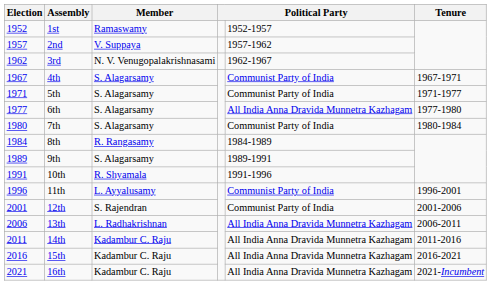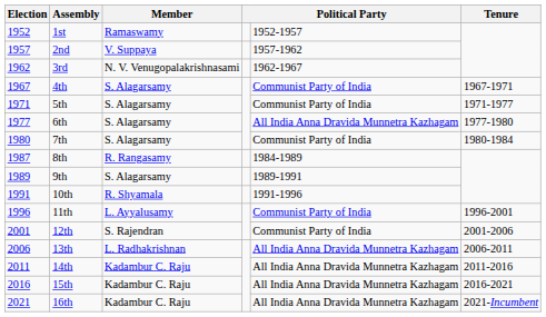 <table class="wikitable sortable">
 <tr>
 <th>Election</th>
 <th>Assembly</th>
 <th>Member</th>
 <th colspan="2">Political Party</th>
 <th>Tenure</th>
 </tr>
 <tr>
 <td><a href='#'>1952</a></td>
 <td><a href='#'>1st</a></td>
 <td><a href='#'>Ramaswamy</a></td>
 <td></td>
 <td>1952-1957</td>
 </tr>
 <tr>
 <td><a href='#'>1957</a></td>
 <td><a href='#'>2nd</a></td>
 <td><a href='#'>V. Suppaya</a></td>
 <td></td>
 <td>1957-1962</td>
 </tr>
 <tr>
 <td><a href='#'>1962</a></td>
 <td><a href='#'>3rd</a></td>
 <td>N. V. Venugopalakrishnasami</td>
 <td></td>
 <td>1962-1967</td>
 </tr>
 <tr>
 <td><a href='#'>1967</a></td>
 <td><a href='#'>4th</a></td>
 <td><a href='#'>S. Alagarsamy</a></td>
 <td rowspan="4" width=4px style="background-color: "></td>
 <td><a href='#'>Communist Party of India</a></td>
 <td>1967-1971</td>
 </tr>
 <tr>
 <td><a href='#'>1971</a></td>
 <td>5th</td>
 <td>S. Alagarsamy</td>
 <td>Communist Party of India</td>
 <td>1971-1977</td>
 </tr>
 <tr>
 <td><a href='#'>1977</a></td>
 <td>6th</td>
 <td>S. Alagarsamy</td>
 <td><a href='#'>All India Anna Dravida Munnetra Kazhagam</a></td>
 <td>1977-1980</td>
 </tr>
 <tr>
 <td><a href='#'>1980</a></td>
 <td>7th</td>
 <td>S. Alagarsamy</td>
 <td>Communist Party of India</td>
 <td>1980-1984</td>
 </tr>
 <tr>
-<td><a href='#'>1984</a></td>
+<td><a href='#'>1987</a></td>
 <td>8th</td>
 <td><a href='#'>R. Rangasamy</a></td>
 <td></td>
 <td>1984-1989</td>
 </tr>
 <tr>
 <td><a href='#'>1989</a></td>
 <td>9th</td>
 <td>S. Alagarsamy</td>
 <td></td>
 <td>1989-1991</td>
 </tr>
 <tr>
 <td><a href='#'>1991</a></td>
 <td>10th</td>
 <td><a href='#'>R. Shyamala</a></td>
 <td></td>
 <td>1991-1996</td>
 </tr>
 <tr>
 <td><a href='#'>1996</a></td>
 <td>11th</td>
 <td><a href='#'>L. Ayyalusamy</a></td>
 <td rowspan="2" width=4px style="background-color: "></td>
 <td><a href='#'>Communist Party of India</a></td>
 <td>1996-2001</td>
 </tr>
 <tr>
 <td><a href='#'>2001</a></td>
 <td><a href='#'>12th</a></td>
 <td>S. Rajendran</td>
 <td>Communist Party of India</td>
 <td>2001-2006</td>
 </tr>
 <tr>
 <td><a href='#'>2006</a></td>
 <td><a href='#'>13th</a></td>
 <td><a href='#'>L. Radhakrishnan</a></td>
 <td rowspan="4" width=4px style="background-color: "></td>
 <td><a href='#'>All India Anna Dravida Munnetra Kazhagam</a></td>
 <td>2006-2011</td>
 </tr>
 <tr>
 <td><a href='#'>2011</a></td>
 <td><a href='#'>14th</a></td>
 <td><a href='#'>Kadambur C. Raju</a></td>
 <td>All India Anna Dravida Munnetra Kazhagam</td>
 <td>2011-2016</td>
 </tr>
 <tr>
 <td><a href='#'>2016</a></td>
 <td><a href='#'>15th</a></td>
 <td>Kadambur C. Raju</td>
 <td>All India Anna Dravida Munnetra Kazhagam</td>
 <td>2016-2021</td>
 </tr>
 <tr>
 <td><a href='#'>2021</a></td>
 <td><a href='#'>16th</a></td>
 <td>Kadambur C. Raju</td>
 <td>All India Anna Dravida Munnetra Kazhagam</td>
 <td>2021-<em><a href='#'>Incumbent</a></em></td>
 </tr>
 </table>
